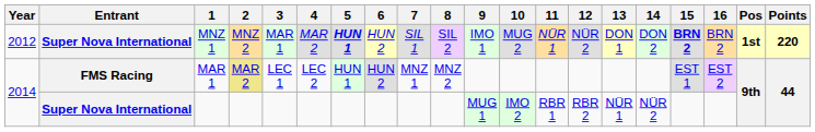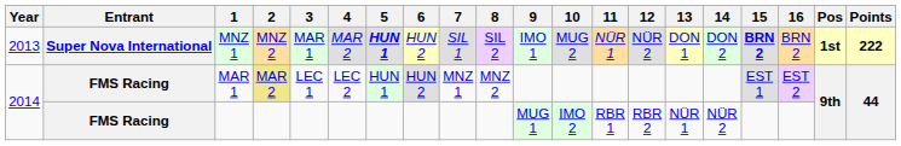 <table class="wikitable" style="text-align:center; font-size:85%">
 <tr>
 <th>Year</th>
 <th>Entrant</th>
 <th>1</th>
 <th>2</th>
 <th>3</th>
 <th>4</th>
 <th>5</th>
 <th>6</th>
 <th>7</th>
 <th>8</th>
 <th>9</th>
 <th>10</th>
 <th>11</th>
 <th>12</th>
 <th>13</th>
 <th>14</th>
 <th>15</th>
 <th>16</th>
 <th>Pos</th>
 <th>Points</th>
 </tr>
 <tr>
-<td><a href='#'>2012</a></td>
+<td><a href='#'>2013</a></td>
 <th nowrap><a href='#'>Super Nova International</a></th>
 <td style="background:#DFFFDF;"><a href='#'>MNZ<br>1</a><br></td>
 <td style="background:#FFDF9F;"><a href='#'>MNZ<br>2</a><br></td>
 <td style="background:#DFFFDF;"><a href='#'>MAR<br>1</a><br></td>
 <td style="background:#DFDFDF;"><em><a href='#'>MAR<br>2</a></em><br></td>
 <td style="background:#DFDFDF;"><strong><em><a href='#'>HUN<br>1</a></em></strong><br></td>
 <td style="background:#FFFFBF;"><em><a href='#'>HUN<br>2</a></em><br></td>
 <td style="background:#DFDFDF;"><em><a href='#'>SIL<br>1</a></em><br></td>
 <td style="background:#EFCFFF;"><a href='#'>SIL<br>2</a><br></td>
 <td style="background:#DFFFDF;"><a href='#'>IMO<br>1</a><br></td>
 <td style="background:#DFDFDF;"><a href='#'>MUG<br>2</a><br></td>
 <td style="background:#FFDF9F;"><em><a href='#'>NÜR<br>1</a></em><br></td>
 <td style="background:#DFDFDF;"><a href='#'>NÜR<br>2</a><br></td>
 <td style="background:#FFFFBF;"><a href='#'>DON<br>1</a><br></td>
 <td style="background:#DFFFDF;"><a href='#'>DON<br>2</a><br></td>
 <td style="background:#DFDFDF;"><strong><a href='#'>BRN<br>2</a></strong><br></td>
 <td style="background:#FFDF9F;"><a href='#'>BRN<br>2</a><br></td>
 <td style="background:#FFFFBF;"><strong>1st</strong></td>
-<td style="background:#FFFFBF;"><strong>220</strong></td>
+<td style="background:#FFFFBF;"><strong>222</strong></td>
 </tr>
 <tr>
 <td rowspan=2><a href='#'>2014</a></td>
 <th nowrap>FMS Racing</th>
 <td><a href='#'>MAR<br>1</a></td>
 <td style="background: khaki;"><a href='#'>MAR<br>2</a></td>
 <td><a href='#'>LEC<br>1</a></td>
 <td><a href='#'>LEC<br>2</a></td>
 <td style="background:#DFFFDF;"><a href='#'>HUN<br>1</a><br></td>
 <td style="background:#DFDFDF;"><a href='#'>HUN<br>2</a><br></td>
 <td><a href='#'>MNZ<br>1</a></td>
 <td><a href='#'>MNZ<br>2</a></td>
 <td></td>
 <td></td>
 <td></td>
 <td></td>
 <td></td>
 <td></td>
 <td style="background:#DFDFDF;"><a href='#'>EST<br>1</a><br></td>
 <td style="background:#EFCFFF;"><a href='#'>EST<br>2</a><br></td>
 <th rowspan=2>9th</th>
 <th rowspan=2>44</th>
 </tr>
 <tr>
-<th nowrap><a href='#'>Super Nova International</a></th>
+<th nowrap>FMS Racing</th>
 <td></td>
 <td></td>
 <td></td>
 <td></td>
 <td></td>
 <td></td>
 <td></td>
 <td></td>
 <td style="background:#DFFFDF;"><a href='#'>MUG<br>1</a><br></td>
 <td style="background:#DFFFDF;"><a href='#'>IMO<br>2</a><br></td>
 <td><a href='#'>RBR<br>1</a></td>
 <td><a href='#'>RBR<br>2</a></td>
 <td><a href='#'>NÜR<br>1</a></td>
 <td><a href='#'>NÜR<br>2</a></td>
 <td></td>
 <td></td>
 </tr>
 </table>
